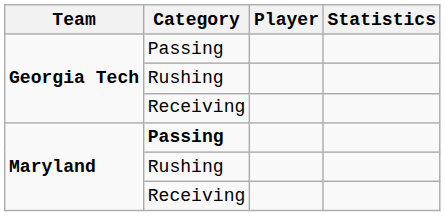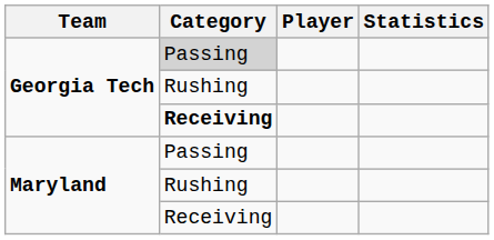 <table class="wikitable" style="float: left;">
 <tr>
 <th>Team</th>
 <th>Category</th>
 <th>Player</th>
 <th>Statistics</th>
 </tr>
 <tr>
 <td rowspan=3><strong>Georgia Tech</strong></td>
+<td style="background: lightgrey;">Passing</td>
+<td></td>
+<td></td>
+</tr>
+<tr>
+<td>Rushing</td>
+<td></td>
+<td></td>
+</tr>
+<tr>
+<td><strong>Receiving</strong></td>
+<td></td>
+<td></td>
+</tr>
+<tr>
+<td rowspan=3><strong>Maryland</strong></td>
 <td>Passing</td>
 <td></td>
 <td></td>
 </tr>
 <tr>
 <td>Rushing</td>
 <td></td>
 <td></td>
 </tr>
 <tr>
 <td>Receiving</td>
 <td></td>
 <td></td>
 </tr>
-<tr>
-<td rowspan=3><strong>Maryland</strong></td>
-<td><strong>Passing</strong></td>
-<td></td>
-<td></td>
-</tr>
-<tr>
-<td>Rushing</td>
-<td></td>
-<td></td>
-</tr>
-<tr>
-<td>Receiving</td>
-<td></td>
-<td></td>
-</tr>
 </table>
